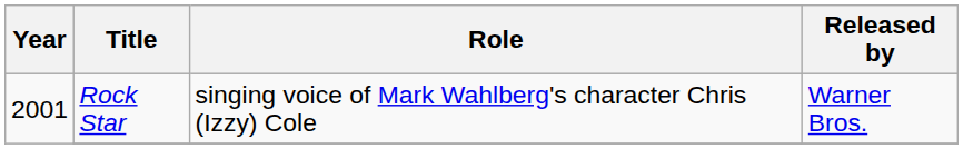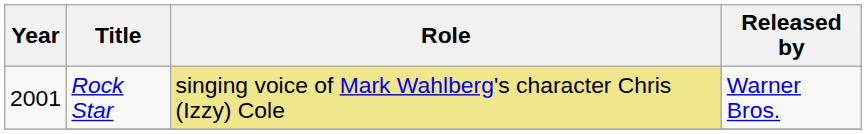 <table class="wikitable" style="width:600px">
 <tr>
 <th width=10>Year</th>
 <th>Title</th>
 <th>Role</th>
 <th>Released by</th>
 </tr>
 <tr>
 <td rowspan=4>2001</td>
 <td><em><a href='#'>Rock Star</a></em></td>
-<td>singing voice of <a href='#'>Mark Wahlberg</a>'s character Chris (Izzy) Cole</td>
+<td style="background: khaki;">singing voice of <a href='#'>Mark Wahlberg</a>'s character Chris (Izzy) Cole</td>
 <td><a href='#'>Warner Bros.</a></td>
 </tr>
 <tr>
 </tr>
 </table>
